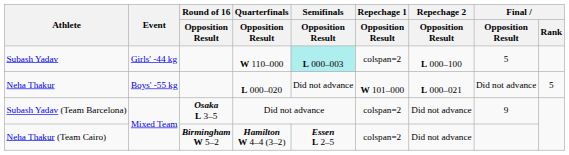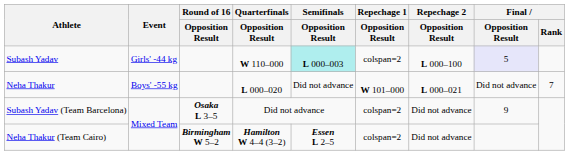 <table class="wikitable" style="font-size:90%;">
 <tr>
 <th rowspan=2>Athlete</th>
 <th rowspan=2>Event</th>
 <th>Round of 16</th>
 <th>Quarterfinals</th>
 <th>Semifinals</th>
 <th>Repechage 1</th>
 <th>Repechage 2</th>
 <th colspan=2>Final / </th>
 </tr>
 <tr>
 <th>Opposition<br>Result</th>
 <th>Opposition<br>Result</th>
 <th>Opposition<br>Result</th>
 <th>Opposition<br>Result</th>
 <th>Opposition<br>Result</th>
 <th>Opposition<br>Result</th>
 <th>Rank</th>
 </tr>
 <tr align=center>
 <td align=left><a href='#'>Subash Yadav</a></td>
 <td align=left><a href='#'>Girls' -44 kg</a></td>
 <td></td>
 <td><br><strong>W</strong> 110–000</td>
 <td style="background: paleturquoise;"><br><strong>L</strong> 000–003</td>
 <td>colspan=2 </td>
 <td><br><strong>L</strong> 000–100</td>
-<td>5</td>
+<td style="background: lavender;">5</td>
 </tr>
 <tr align=center>
 <td align=left><a href='#'>Neha Thakur</a></td>
 <td align=left><a href='#'>Boys' -55 kg</a></td>
 <td></td>
 <td><br><strong>L</strong> 000–020</td>
 <td>Did not advance</td>
 <td><br><strong>W</strong> 101–000</td>
 <td><br><strong>L</strong> 000–021</td>
 <td>Did not advance</td>
-<td>5</td>
+<td>7</td>
 </tr>
 <tr align=center>
 <td align=left><a href='#'>Subash Yadav</a> (Team Barcelona)</td>
 <td align=left rowspan=2><a href='#'>Mixed Team</a></td>
 <td><strong><em>Osaka</em></strong><br><strong>L</strong> 3–5</td>
 <td colspan="2">Did not advance</td>
 <td>colspan=2 </td>
 <td>Did not advance</td>
 <td>9</td>
 </tr>
 <tr align=center>
 <td align=left><a href='#'>Neha Thakur</a> (Team Cairo)</td>
 <td><strong><em>Birmingham</em></strong><br><strong>W</strong> 5–2</td>
 <td><strong><em>Hamilton</em></strong><br><strong>W</strong> 4–4 (3–2)</td>
 <td><strong><em>Essen</em></strong><br><strong>L</strong> 2–5</td>
 <td>colspan=2 </td>
 <td>Did not advance</td>
 <td></td>
 </tr>
 </table>
